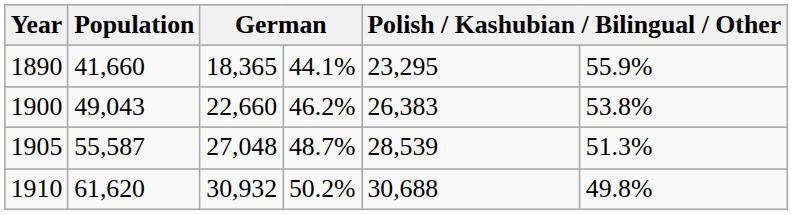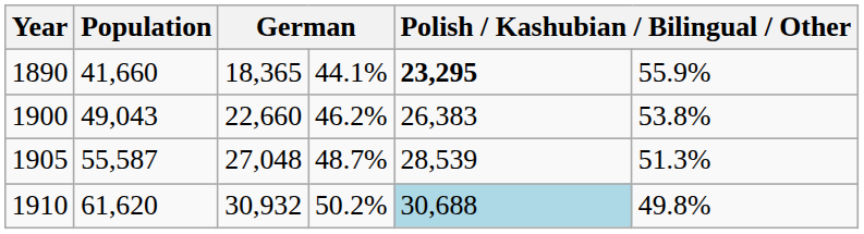 <table class="wikitable">
 <tr>
 <th>Year</th>
 <th>Population</th>
 <th colspan="2">German</th>
 <th colspan="2">Polish / Kashubian / Bilingual / Other</th>
 </tr>
 <tr>
 <td>1890</td>
 <td>41,660</td>
 <td>18,365</td>
 <td>44.1%</td>
-<td>23,295</td>
+<td><strong>23,295</strong></td>
 <td>55.9%</td>
 </tr>
 <tr>
 <td>1900</td>
 <td>49,043</td>
 <td>22,660</td>
 <td>46.2%</td>
 <td>26,383</td>
 <td>53.8%</td>
 </tr>
 <tr>
 <td>1905</td>
 <td>55,587</td>
 <td>27,048</td>
 <td>48.7%</td>
 <td>28,539</td>
 <td>51.3%</td>
 </tr>
 <tr>
 <td>1910</td>
 <td>61,620</td>
 <td>30,932</td>
 <td>50.2%</td>
-<td>30,688</td>
+<td style="background: lightblue;">30,688</td>
 <td>49.8%</td>
 </tr>
 </table>
